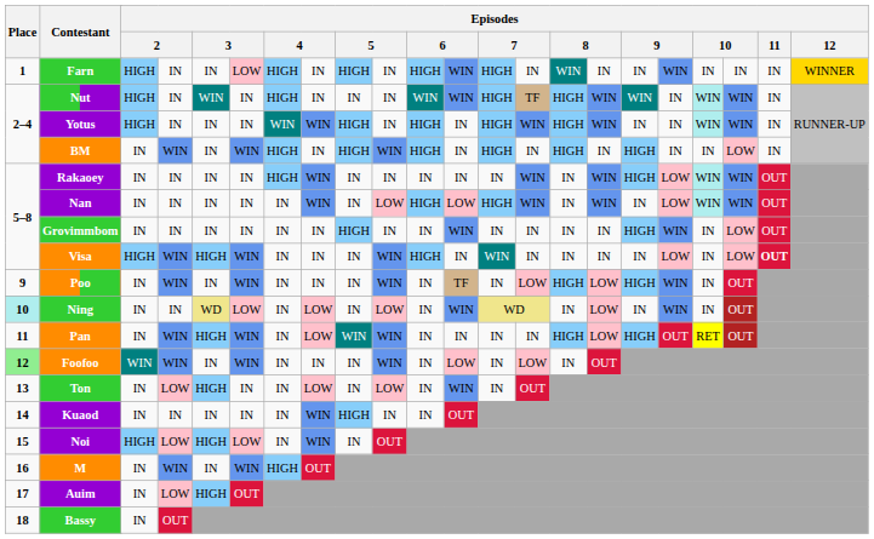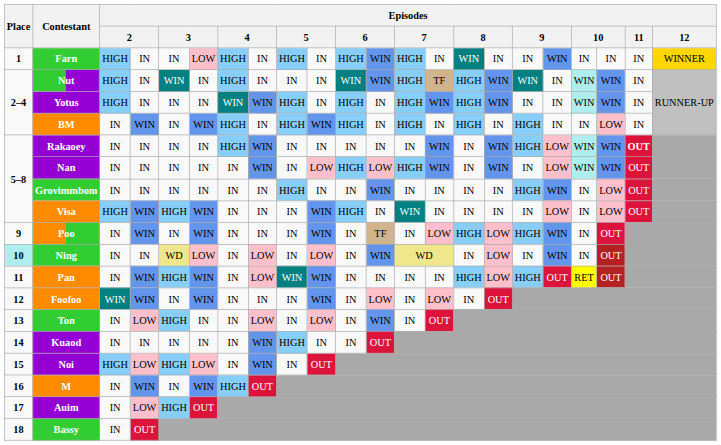 <table class="wikitable" style="text-align: center; font-size:95%; line-height:25px;">
 <tr style=font-weight:bold;>
 <th rowspan="2">Place</th>
 <th colspan="2" rowspan="2">Contestant</th>
 <th colspan="28">Episodes</th>
 </tr>
 <tr style=font-weight:bold;>
 <th colspan="2">2</th>
 <th colspan="2">3</th>
 <th colspan="2">4</th>
 <th colspan="2">5</th>
 <th colspan="2">6</th>
 <th colspan="2">7</th>
 <th colspan="2">8</th>
 <th colspan="2">9</th>
 <th colspan="2">10</th>
 <th>11</th>
 <th>12</th>
 </tr>
 <tr>
 <td><strong>1</strong></td>
 <td colspan="2" style="background:limegreen; color:white"><strong>Farn</strong></td>
 <td style="background:lightskyblue">HIGH</td>
 <td>IN</td>
 <td>IN</td>
 <td style="background:pink">LOW</td>
 <td style="background:lightskyblue">HIGH</td>
 <td>IN</td>
 <td style="background:lightskyblue">HIGH</td>
 <td>IN</td>
 <td style="background:lightskyblue">HIGH</td>
 <td style="background:cornflowerblue">WIN</td>
 <td style="background:lightskyblue">HIGH</td>
 <td>IN</td>
 <td style="background:teal; color:white">WIN</td>
 <td>IN</td>
 <td>IN</td>
 <td style="background:cornflowerblue">WIN</td>
 <td>IN</td>
 <td>IN</td>
 <td>IN</td>
 <td style="background:gold">WINNER</td>
 </tr>
 <tr>
 <td rowspan="3"><strong>2–4</strong></td>
 <td colspan="2" style="background:linear-gradient(to right, limegreen 50%, darkviolet 50%); color:white"><strong>Nut</strong></td>
 <td style="background:lightskyblue">HIGH</td>
 <td>IN</td>
 <td style="background:teal; color:white">WIN</td>
 <td>IN</td>
 <td style="background:lightskyblue">HIGH</td>
 <td>IN</td>
 <td>IN</td>
 <td>IN</td>
 <td style="background:teal; color:white">WIN</td>
 <td style="background:cornflowerblue">WIN</td>
 <td style="background:lightskyblue">HIGH</td>
 <td style="background:tan">TF</td>
 <td style="background:lightskyblue">HIGH</td>
 <td style="background:cornflowerblue">WIN</td>
 <td style="background:teal; color:white">WIN</td>
 <td>IN</td>
 <td style="background:paleturquoise">WIN</td>
 <td style="background:cornflowerblue">WIN</td>
 <td>IN</td>
 <td rowspan="3" style="background:silver">RUNNER-UP</td>
 </tr>
 <tr>
 <td colspan="2" style="background:darkviolet; color:white"><strong>Yotus</strong></td>
 <td style="background:lightskyblue">HIGH</td>
 <td>IN</td>
 <td>IN</td>
 <td>IN</td>
 <td style="background:teal; color:white">WIN</td>
 <td style="background:cornflowerblue">WIN</td>
 <td style="background:lightskyblue">HIGH</td>
 <td>IN</td>
 <td style="background:lightskyblue">HIGH</td>
 <td>IN</td>
 <td style="background:lightskyblue">HIGH</td>
 <td style="background:cornflowerblue">WIN</td>
 <td style="background:lightskyblue">HIGH</td>
 <td style="background:cornflowerblue">WIN</td>
 <td>IN</td>
 <td>IN</td>
 <td style="background:paleturquoise">WIN</td>
 <td style="background:cornflowerblue">WIN</td>
 <td>IN</td>
 </tr>
 <tr>
 <td colspan="2" style="background:darkorange; color:white"><strong>BM</strong></td>
 <td>IN</td>
 <td style="background:cornflowerblue">WIN</td>
 <td>IN</td>
 <td style="background:cornflowerblue">WIN</td>
 <td style="background:lightskyblue">HIGH</td>
 <td>IN</td>
 <td style="background:lightskyblue">HIGH</td>
 <td style="background:cornflowerblue">WIN</td>
 <td style="background:lightskyblue">HIGH</td>
 <td>IN</td>
 <td style="background:lightskyblue">HIGH</td>
 <td>IN</td>
 <td style="background:lightskyblue">HIGH</td>
 <td>IN</td>
 <td style="background:lightskyblue">HIGH</td>
 <td>IN</td>
 <td>IN</td>
 <td style="background:pink">LOW</td>
 <td>IN</td>
 </tr>
 <tr>
 <td rowspan="4"><strong>5–8</strong></td>
 <td colspan="2" style="background:darkviolet; color:white"><strong>Rakaoey</strong></td>
 <td>IN</td>
 <td>IN</td>
 <td>IN</td>
 <td>IN</td>
 <td style="background:lightskyblue">HIGH</td>
 <td style="background:cornflowerblue">WIN</td>
 <td>IN</td>
 <td>IN</td>
 <td>IN</td>
 <td>IN</td>
 <td>IN</td>
 <td style="background:cornflowerblue">WIN</td>
 <td>IN</td>
 <td style="background:cornflowerblue">WIN</td>
 <td style="background:lightskyblue">HIGH</td>
 <td style="background:pink">LOW</td>
 <td style="background:paleturquoise">WIN</td>
 <td style="background:cornflowerblue">WIN</td>
-<td style="background:crimson;color:white">OUT</td>
+<td style="background:crimson;color:white"><strong>OUT</strong></td>
 <td colspan="10" style="background:darkgrey;"></td>
 </tr>
 <tr>
 <td colspan="2" style="background:darkviolet; color:white"><strong>Nan</strong></td>
 <td>IN</td>
 <td>IN</td>
 <td>IN</td>
 <td>IN</td>
 <td>IN</td>
 <td style="background:cornflowerblue">WIN</td>
 <td>IN</td>
 <td style="background:pink">LOW</td>
 <td style="background:lightskyblue">HIGH</td>
 <td style="background:pink">LOW</td>
 <td style="background:lightskyblue">HIGH</td>
 <td style="background:cornflowerblue">WIN</td>
 <td>IN</td>
 <td style="background:cornflowerblue">WIN</td>
 <td>IN</td>
 <td style="background:pink">LOW</td>
 <td style="background:paleturquoise">WIN</td>
 <td style="background:cornflowerblue">WIN</td>
 <td style="background:crimson;color:white">OUT</td>
 <td colspan="10" style="background:darkgrey;"></td>
 </tr>
 <tr>
 <td colspan="2" style="background:limegreen; color:white"><strong>Grovimmbom</strong></td>
 <td>IN</td>
 <td>IN</td>
 <td>IN</td>
 <td>IN</td>
 <td>IN</td>
 <td>IN</td>
 <td style="background:lightskyblue">HIGH</td>
 <td>IN</td>
 <td>IN</td>
 <td style="background:cornflowerblue">WIN</td>
 <td>IN</td>
 <td>IN</td>
 <td>IN</td>
 <td>IN</td>
 <td style="background:lightskyblue">HIGH</td>
 <td style="background:cornflowerblue">WIN</td>
 <td>IN</td>
 <td style="background:pink">LOW</td>
 <td style="background:crimson;color:white">OUT</td>
 <td colspan="10" style="background:darkgrey;"></td>
 </tr>
 <tr>
 <td colspan="2" style="background:darkorange; color:white"><strong>Visa</strong></td>
 <td style="background:lightskyblue">HIGH</td>
 <td style="background:cornflowerblue">WIN</td>
 <td style="background:lightskyblue">HIGH</td>
 <td style="background:cornflowerblue">WIN</td>
 <td>IN</td>
 <td>IN</td>
 <td>IN</td>
 <td style="background:cornflowerblue">WIN</td>
 <td style="background:lightskyblue">HIGH</td>
 <td>IN</td>
 <td style="background:teal; color:white">WIN</td>
 <td>IN</td>
 <td>IN</td>
 <td>IN</td>
 <td>IN</td>
 <td style="background:pink">LOW</td>
 <td>IN</td>
 <td style="background:pink">LOW</td>
-<td style="background:crimson;color:white"><strong>OUT</strong></td>
+<td style="background:crimson;color:white">OUT</td>
 <td colspan="10" style="background:darkgrey;"></td>
 </tr>
 <tr>
 <td><strong>9</strong></td>
 <td colspan="2" style="background:linear-gradient(to right, darkorange 50%, limegreen 50%); color:white"><strong>Poo</strong></td>
 <td>IN</td>
 <td style="background:cornflowerblue">WIN</td>
 <td>IN</td>
 <td style="background:cornflowerblue">WIN</td>
 <td>IN</td>
 <td>IN</td>
 <td>IN</td>
 <td style="background:cornflowerblue">WIN</td>
 <td>IN</td>
 <td style="background:tan">TF</td>
 <td>IN</td>
 <td style="background:pink">LOW</td>
 <td style="background:lightskyblue">HIGH</td>
 <td style="background:pink">LOW</td>
 <td style="background:lightskyblue">HIGH</td>
 <td style="background:cornflowerblue">WIN</td>
 <td>IN</td>
 <td style="background:crimson;color:white">OUT</td>
 <td colspan="12" style="background:darkgrey;"></td>
 </tr>
 <tr>
 <td style="background: paleturquoise;"><strong>10</strong></td>
 <td colspan="2" style="background:limegreen; color:white"><strong>Ning</strong></td>
 <td>IN</td>
 <td>IN</td>
 <td style="background:Khaki">WD</td>
 <td style="background:pink">LOW</td>
 <td>IN</td>
 <td style="background:pink">LOW</td>
 <td>IN</td>
 <td style="background:pink">LOW</td>
 <td>IN</td>
 <td style="background:cornflowerblue">WIN</td>
 <td colspan="2" style="background:khaki">WD</td>
 <td>IN</td>
 <td style="background:pink">LOW</td>
 <td>IN</td>
 <td style="background:cornflowerblue">WIN</td>
 <td>IN</td>
 <td style="background:firebrick; color:white">OUT</td>
 <td colspan="14" style="background:darkgrey;"></td>
 </tr>
 <tr>
 <td><strong>11</strong></td>
 <td colspan="2" style="background:darkorange; color:white"><strong>Pan</strong></td>
 <td>IN</td>
 <td style="background:cornflowerblue">WIN</td>
 <td style="background:lightskyblue">HIGH</td>
 <td style="background:cornflowerblue">WIN</td>
 <td>IN</td>
 <td style="background:pink">LOW</td>
 <td style="background:teal; color:white">WIN</td>
 <td style="background:cornflowerblue">WIN</td>
 <td>IN</td>
 <td>IN</td>
 <td>IN</td>
 <td>IN</td>
 <td style="background:lightskyblue">HIGH</td>
 <td style="background:pink">LOW</td>
 <td style="background:lightskyblue">HIGH</td>
 <td style="background:crimson;color:white">OUT</td>
 <td style="background:yellow">RET</td>
 <td style="background:firebrick; color:white">OUT</td>
 <td colspan="16" style="background:darkgrey;"></td>
 </tr>
 <tr>
-<td style="background: lightgreen;"><strong>12</strong></td>
+<td><strong>12</strong></td>
 <td colspan="2" style="background:darkorange; color:white"><strong>Foofoo</strong></td>
 <td style="background:teal; color:white">WIN</td>
 <td style="background:cornflowerblue">WIN</td>
 <td>IN</td>
 <td style="background:cornflowerblue">WIN</td>
 <td>IN</td>
 <td>IN</td>
 <td>IN</td>
 <td style="background:cornflowerblue">WIN</td>
 <td>IN</td>
 <td style="background:pink">LOW</td>
 <td>IN</td>
 <td style="background:pink">LOW</td>
 <td>IN</td>
 <td style="background:crimson;color:white">OUT</td>
 <td colspan="18" style="background:darkgrey;"></td>
 </tr>
 <tr>
 <td><strong>13</strong></td>
 <td colspan="2" style="background:limegreen; color:white"><strong>Ton</strong></td>
 <td>IN</td>
 <td style="background:pink">LOW</td>
 <td style="background:lightskyblue">HIGH</td>
 <td>IN</td>
 <td>IN</td>
 <td style="background:pink">LOW</td>
 <td>IN</td>
 <td style="background:pink">LOW</td>
 <td>IN</td>
 <td style="background:cornflowerblue">WIN</td>
 <td>IN</td>
 <td style="background:crimson;color:white">OUT</td>
 <td colspan="20" style="background:darkgrey;"></td>
 </tr>
 <tr>
 <td><strong>14</strong></td>
 <td colspan="2" style="background:darkviolet; color:white"><strong>Kuaod</strong></td>
 <td>IN</td>
 <td>IN</td>
 <td>IN</td>
 <td>IN</td>
 <td>IN</td>
 <td style="background:cornflowerblue">WIN</td>
 <td style="background:lightskyblue">HIGH</td>
 <td>IN</td>
 <td>IN</td>
 <td style="background:crimson;color:white">OUT</td>
 <td colspan="22" style="background:darkgrey;"></td>
 </tr>
 <tr>
 <td><strong>15</strong></td>
 <td colspan="2" style="background:darkviolet; color:white"><strong>Noi</strong></td>
 <td style="background:lightskyblue">HIGH</td>
 <td style="background:pink">LOW</td>
 <td style="background:lightskyblue">HIGH</td>
 <td style="background:pink">LOW</td>
 <td>IN</td>
 <td style="background:cornflowerblue">WIN</td>
 <td>IN</td>
 <td style="background:crimson;color:white">OUT</td>
 <td colspan="24" style="background:darkgrey;"></td>
 </tr>
 <tr>
 <td><strong>16</strong></td>
 <td colspan="2" style="background:darkorange; color:white"><strong>M</strong></td>
 <td>IN</td>
 <td style="background:cornflowerblue">WIN</td>
 <td>IN</td>
 <td style="background:cornflowerblue">WIN</td>
 <td style="background:lightskyblue">HIGH</td>
 <td style="background:crimson;color:white">OUT</td>
 <td colspan="26" style="background:darkgrey;"></td>
 </tr>
 <tr>
 <td><strong>17</strong></td>
 <td colspan="2" style="background:darkviolet; color:white"><strong>Auim</strong></td>
 <td>IN</td>
 <td style="background:pink">LOW</td>
 <td style="background:lightskyblue">HIGH</td>
 <td style="background:crimson;color:white">OUT</td>
 <td colspan="28" style="background:darkgrey;"></td>
 </tr>
 <tr>
 <td><strong>18</strong></td>
 <td colspan="2" style="background:limegreen; color:white"><strong>Bassy</strong></td>
 <td>IN</td>
 <td style="background:crimson;color:white">OUT</td>
 <td colspan="30" style="background:darkgrey;"></td>
 </tr>
 </table>
